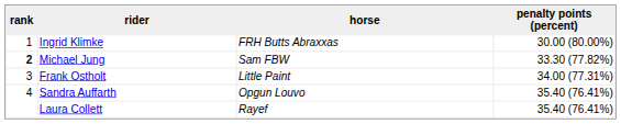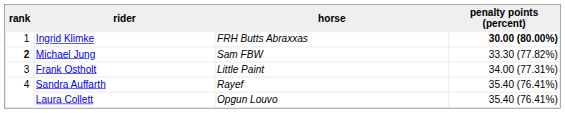 <table style="border:1px solid #808080; background-color:#EFEFEF;" cellspacing="2" cellpadding="2">
 <tr style="background-color:#EFEFEF;">
 <th width="5%">rank</th>
 <th>rider</th>
 <th>horse</th>
 <th width="20%">penalty points (percent)</th>
 </tr>
 <tr valign="top" style="background-color:#FFFFFF;">
 <td align="right">1 </td>
 <td> <a href='#'>Ingrid Klimke</a></td>
 <td><em>FRH Butts Abraxxas</em></td>
-<td align="right">30.00 (80.00%)</td>
+<td align="right"><strong>30.00 (80.00%)</strong></td>
 </tr>
 <tr valign="top" style="background-color:#FFFFFF;">
 <td align="right"><strong>2 </strong></td>
 <td> <a href='#'>Michael Jung</a></td>
 <td><em>Sam FBW</em></td>
 <td align="right">33.30 (77.82%)</td>
 </tr>
 <tr valign="top" style="background-color:#FFFFFF;">
 <td align="right">3 </td>
 <td> <a href='#'>Frank Ostholt</a></td>
 <td><em>Little Paint</em></td>
 <td align="right">34.00 (77.31%)</td>
 </tr>
 <tr valign="top" style="background-color:#FFFFFF;">
 <td rowspan=2 align="right">4 </td>
 <td> <a href='#'>Sandra Auffarth</a></td>
-<td><em>Opgun Louvo</em></td>
+<td><em>Rayef</em></td>
 <td align="right">35.40 (76.41%)</td>
 </tr>
 <tr valign="top" style="background-color:#FFFFFF;">
 <td> <a href='#'>Laura Collett</a></td>
-<td><em>Rayef</em></td>
+<td><em>Opgun Louvo</em></td>
 <td align="right">35.40 (76.41%)</td>
 </tr>
 </table>
